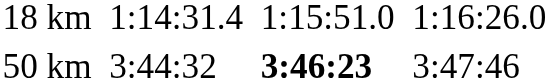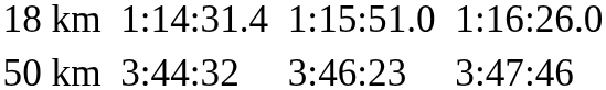 <table>
 <tr>
 <td>18 km<br></td>
 <td></td>
 <td>1:14:31.4</td>
 <td></td>
 <td>1:15:51.0</td>
 <td></td>
 <td>1:16:26.0</td>
 </tr>
 <tr>
 <td>50 km<br></td>
 <td></td>
 <td>3:44:32</td>
 <td></td>
-<td><strong>3:46:23</strong></td>
+<td>3:46:23</td>
 <td></td>
 <td>3:47:46</td>
 </tr>
 </table>
